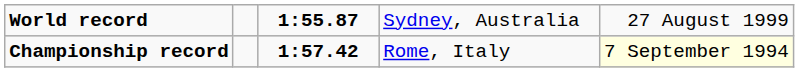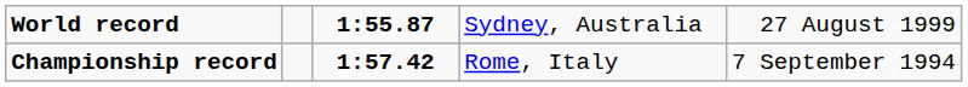 <table class="wikitable">
 <tr>
 <td><strong>World record</strong></td>
 <td style="padding-right:1em"></td>
 <td style="text-align:center;padding-left:1em; padding-right:1em;"><strong>1:55.87</strong></td>
 <td style="padding-right:1em"><a href='#'>Sydney</a>, Australia</td>
 <td align=right>27 August 1999</td>
 </tr>
 <tr>
 <td><strong>Championship record</strong></td>
 <td style="padding-right:1em"></td>
 <td style="text-align:center;padding-left:1em; padding-right:1em;"><strong>1:57.42</strong></td>
 <td style="padding-right:1em"><a href='#'>Rome</a>, Italy</td>
-<td align=right style="background: lightyellow;">7 September 1994</td>
+<td align=right>7 September 1994</td>
 </tr>
 </table>
